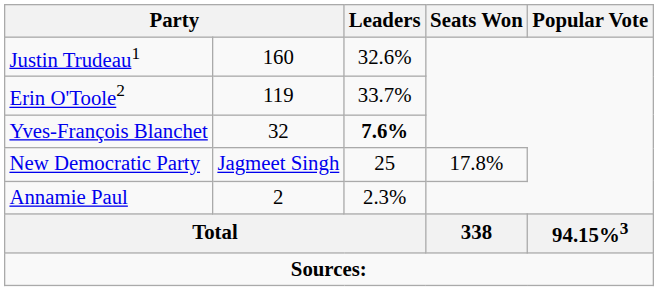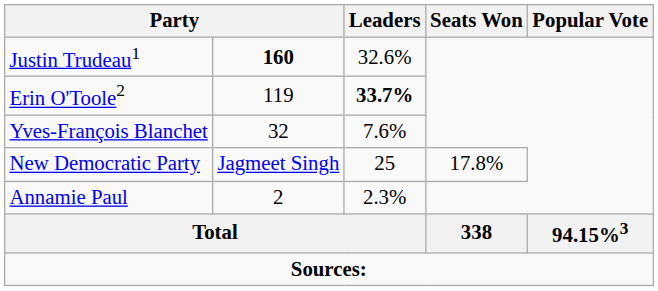 <table class="wikitable">
 <tr>
 <th colspan="2">Party</th>
 <th>Leaders</th>
 <th>Seats Won</th>
 <th>Popular Vote</th>
 </tr>
 <tr>
 <td><a href='#'>Justin Trudeau</a><sup>1</sup></td>
-<td align=center>160</td>
+<td align=center><strong>160</strong></td>
 <td align=center>32.6%</td>
 </tr>
 <tr>
 <td><a href='#'>Erin O'Toole</a><sup>2</sup></td>
 <td align=center>119</td>
-<td align=center>33.7%</td>
+<td align=center><strong>33.7%</strong></td>
 </tr>
 <tr>
 <td><a href='#'>Yves-François Blanchet</a></td>
 <td align=center>32</td>
-<td align=center><strong>7.6%</strong></td>
+<td align=center>7.6%</td>
 </tr>
 <tr>
 <td><a href='#'>New Democratic Party</a></td>
 <td><a href='#'>Jagmeet Singh</a></td>
 <td align=center>25</td>
 <td align=center>17.8%</td>
 </tr>
 <tr>
 <td><a href='#'>Annamie Paul</a></td>
 <td align=center>2</td>
 <td align=center>2.3%</td>
 </tr>
 <tr>
 <th colspan=3>Total</th>
 <th>338</th>
 <th>94.15%<sup>3</sup></th>
 </tr>
 <tr>
 <td align="center" colspan=5><strong>Sources:</strong></td>
 </tr>
 </table>
